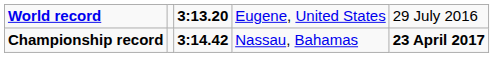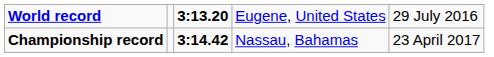 <table class="wikitable">
 <tr>
 <td><strong><a href='#'>World record</a></strong></td>
 <td></td>
 <td><strong>3:13.20</strong></td>
 <td> <a href='#'>Eugene</a>, <a href='#'>United States</a></td>
 <td>29 July 2016</td>
 </tr>
 <tr>
 <td><strong>Championship record</strong></td>
 <td></td>
 <td><strong>3:14.42</strong></td>
 <td> <a href='#'>Nassau</a>, <a href='#'>Bahamas</a></td>
-<td><strong>23 April 2017</strong></td>
+<td>23 April 2017</td>
 </tr>
 </table>
